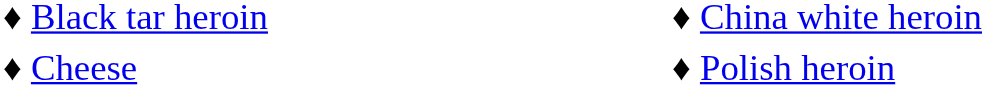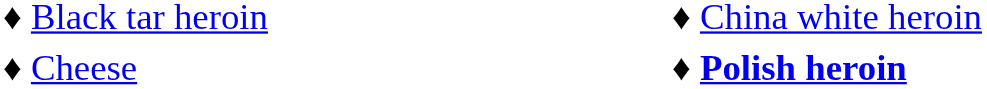 <table style="width: 50%; border: none; text-align: left;">
 <tr>
 <td>♦ <a href='#'>Black tar heroin</a></td>
 <td>♦ <a href='#'>China white heroin</a></td>
 </tr>
 <tr>
 <td>♦ <a href='#'>Cheese</a></td>
-<td>♦ <a href='#'>Polish heroin</a></td>
+<td><strong>♦ <a href='#'>Polish heroin</a></strong></td>
 </tr>
 </table>
